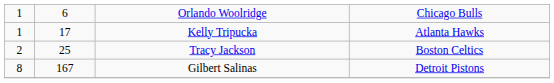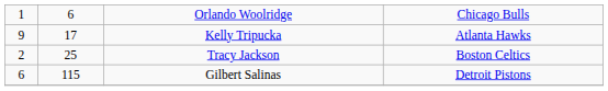 <table class="wikitable" width="60%">
 <tr align="center" bgcolor="">
 <td>1</td>
 <td>6</td>
 <td><a href='#'>Orlando Woolridge</a></td>
 <td><a href='#'>Chicago Bulls</a></td>
 </tr>
 <tr align="center" bgcolor="">
-<td>1</td>
+<td>9</td>
 <td>17</td>
 <td><a href='#'>Kelly Tripucka</a></td>
 <td><a href='#'>Atlanta Hawks</a></td>
 </tr>
 <tr align="center" bgcolor="">
 <td>2</td>
 <td>25</td>
 <td><a href='#'>Tracy Jackson</a></td>
 <td><a href='#'>Boston Celtics</a></td>
 </tr>
 <tr align="center" bgcolor="">
-<td>8</td>
-<td>167</td>
+<td>6</td>
+<td>115</td>
 <td>Gilbert Salinas</td>
 <td><a href='#'>Detroit Pistons</a></td>
 </tr>
 <tr align="center" bgcolor="">
 </tr>
 </table>
